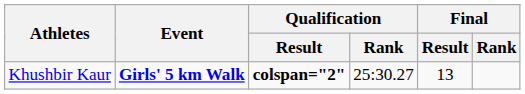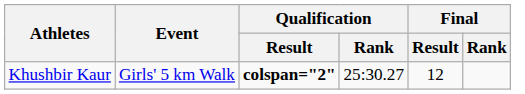 <table class="wikitable" style="font-size:90%;">
 <tr>
 <th rowspan=2>Athletes</th>
 <th rowspan=2>Event</th>
 <th colspan=2>Qualification</th>
 <th colspan=2>Final</th>
 </tr>
 <tr>
 <th>Result</th>
 <th>Rank</th>
 <th>Result</th>
 <th>Rank</th>
 </tr>
 <tr>
 <td><a href='#'>Khushbir Kaur</a></td>
-<td><strong><a href='#'>Girls' 5 km Walk</a></strong></td>
+<td><a href='#'>Girls' 5 km Walk</a></td>
 <td><strong>colspan="2" </strong></td>
 <td align=center>25:30.27</td>
-<td align=center>13</td>
+<td align=center>12</td>
 </tr>
 </table>
